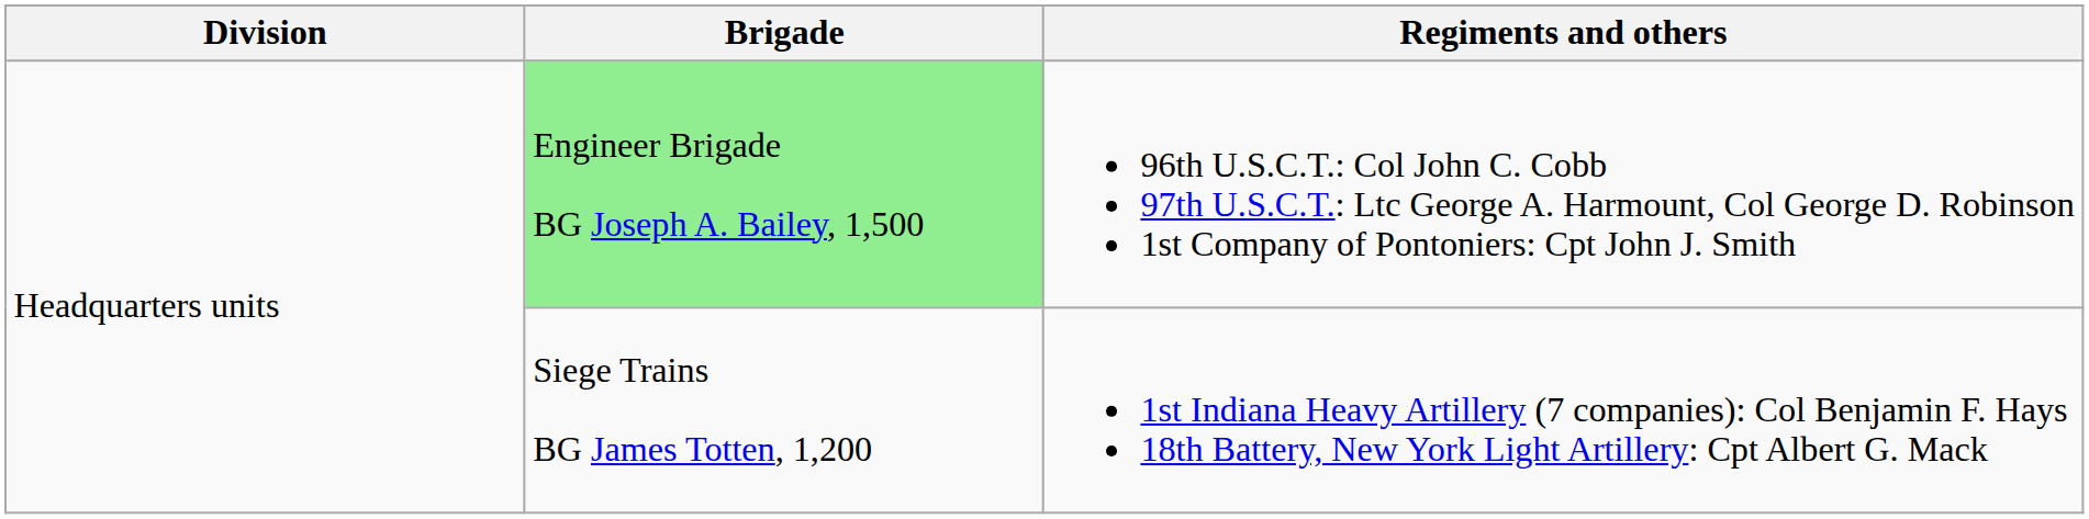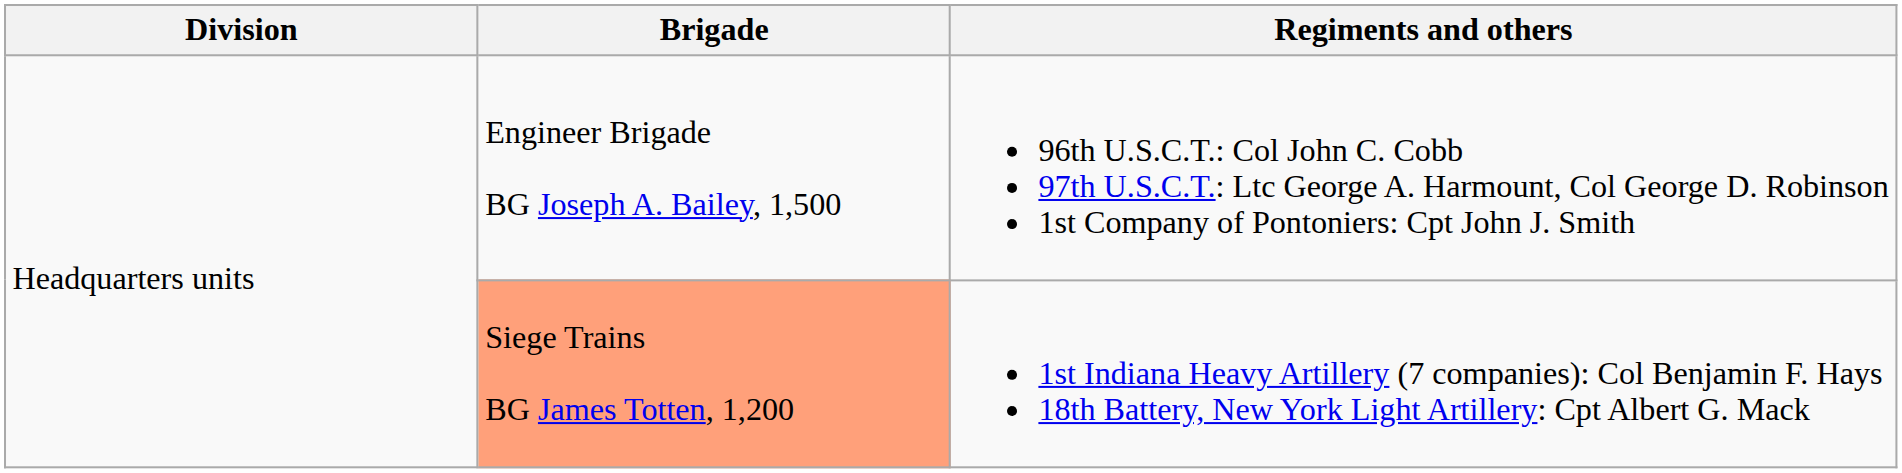 <table class="wikitable">
 <tr>
 <th style="width:25%;">Division</th>
 <th style="width:25%;">Brigade</th>
 <th>Regiments and others</th>
 </tr>
 <tr>
 <td rowspan=2><br>Headquarters units</td>
-<td style="background: lightgreen;">Engineer Brigade<br><br> BG <a href='#'>Joseph A. Bailey</a>, 1,500</td>
+<td>Engineer Brigade<br><br> BG <a href='#'>Joseph A. Bailey</a>, 1,500</td>
 <td><br><ul><li>96th U.S.C.T.: Col John C. Cobb</li><li><a href='#'>97th U.S.C.T.</a>: Ltc George A. Harmount, Col George D. Robinson</li><li>1st Company of Pontoniers: Cpt John J. Smith</li></ul></td>
 </tr>
 <tr>
-<td>Siege Trains<br><br> BG <a href='#'>James Totten</a>, 1,200</td>
+<td style="background: lightsalmon;">Siege Trains<br><br> BG <a href='#'>James Totten</a>, 1,200</td>
 <td><br><ul><li><a href='#'>1st Indiana Heavy Artillery</a> (7 companies): Col Benjamin F. Hays</li><li><a href='#'>18th Battery, New York Light Artillery</a>: Cpt Albert G. Mack</li></ul></td>
 </tr>
 </table>
